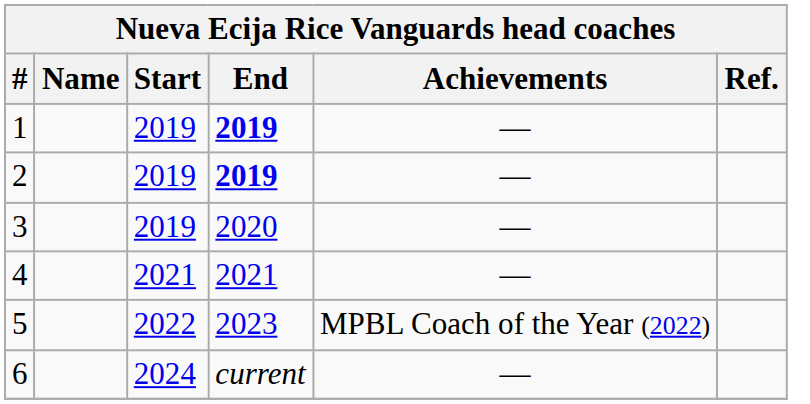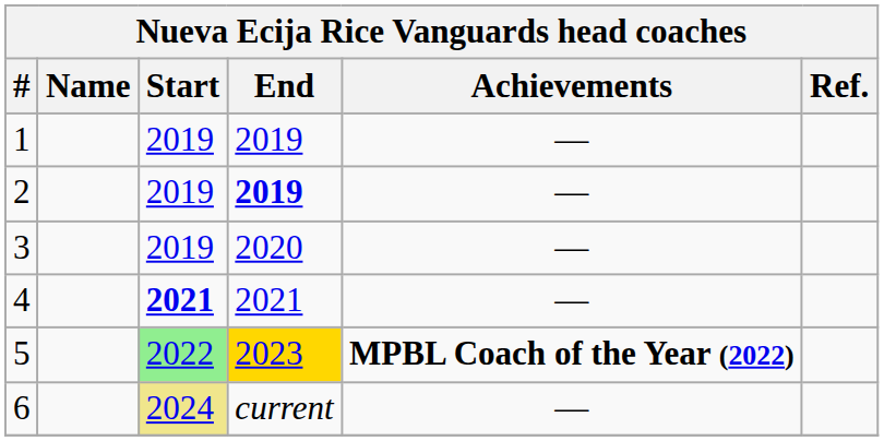 <table class="wikitable sortable">
 <tr>
 <th colspan="6">Nueva Ecija Rice Vanguards head coaches</th>
 </tr>
 <tr>
 <th>#</th>
 <th>Name</th>
 <th>Start</th>
 <th>End</th>
 <th>Achievements</th>
 <th>Ref.</th>
 </tr>
 <tr>
 <td align=center>1</td>
 <td></td>
 <td><a href='#'>2019</a></td>
-<td><strong><a href='#'>2019</a></strong></td>
+<td><a href='#'>2019</a></td>
 <td align=center>—</td>
 <td></td>
 </tr>
 <tr>
 <td align=center>2</td>
 <td></td>
 <td><a href='#'>2019</a></td>
 <td><strong><a href='#'>2019</a></strong></td>
 <td align=center>—</td>
 <td></td>
 </tr>
 <tr>
 <td align=center>3</td>
 <td></td>
 <td><a href='#'>2019</a></td>
 <td><a href='#'>2020</a></td>
 <td align=center>—</td>
 <td></td>
 </tr>
 <tr>
 <td align=center>4</td>
 <td></td>
-<td><a href='#'>2021</a></td>
+<td><strong><a href='#'>2021</a></strong></td>
 <td><a href='#'>2021</a></td>
 <td align=center>—</td>
 <td></td>
 </tr>
 <tr>
 <td align=center>5</td>
 <td></td>
-<td><a href='#'>2022</a></td>
-<td><a href='#'>2023</a></td>
-<td>MPBL Coach of the Year <small>(<a href='#'>2022</a>)</small></td>
+<td style="background: lightgreen;"><a href='#'>2022</a></td>
+<td style="background: gold;"><a href='#'>2023</a></td>
+<td><strong>MPBL Coach of the Year <small>(<a href='#'>2022</a>)</small></strong></td>
 <td></td>
 </tr>
 <tr>
 <td align=center>6</td>
 <td></td>
-<td><a href='#'>2024</a></td>
+<td style="background: khaki;"><a href='#'>2024</a></td>
 <td><em>current</em></td>
 <td align=center>—</td>
 <td></td>
 </tr>
 <tr>
 </tr>
 </table>
